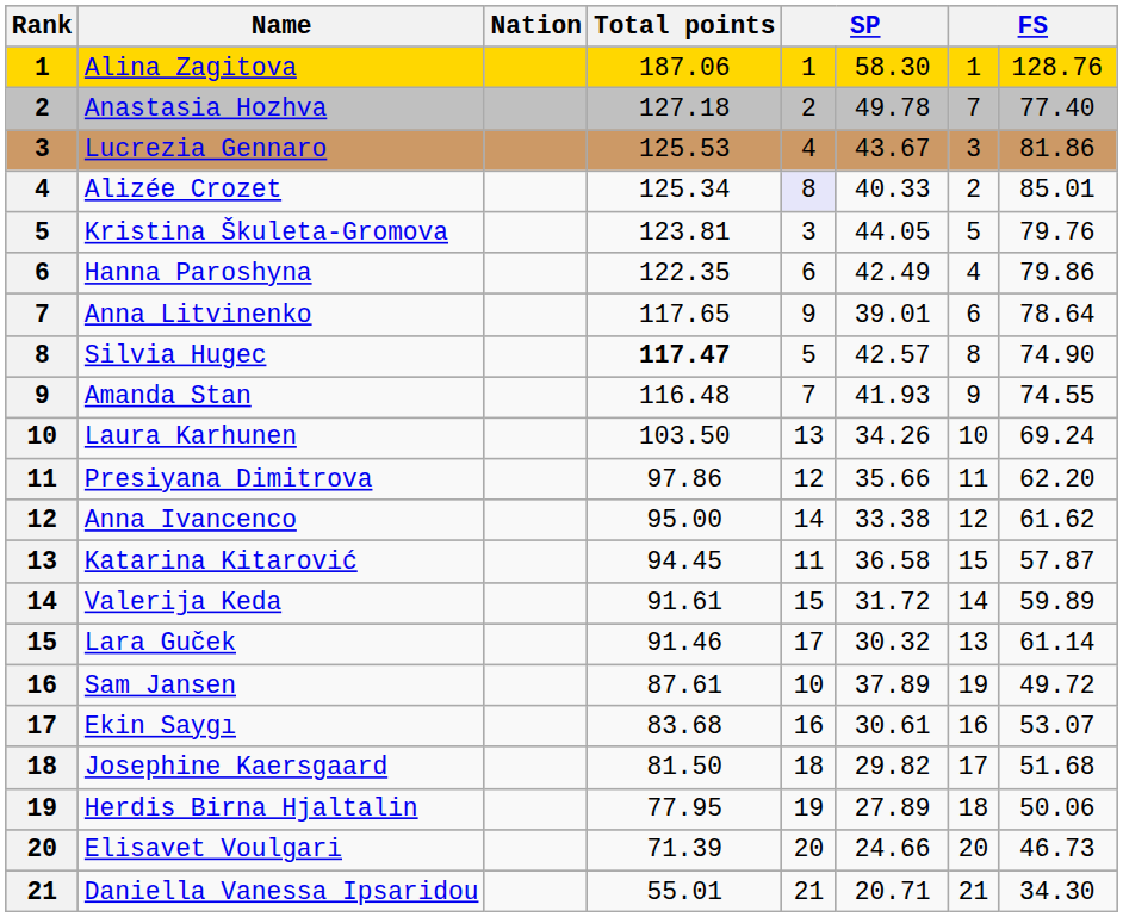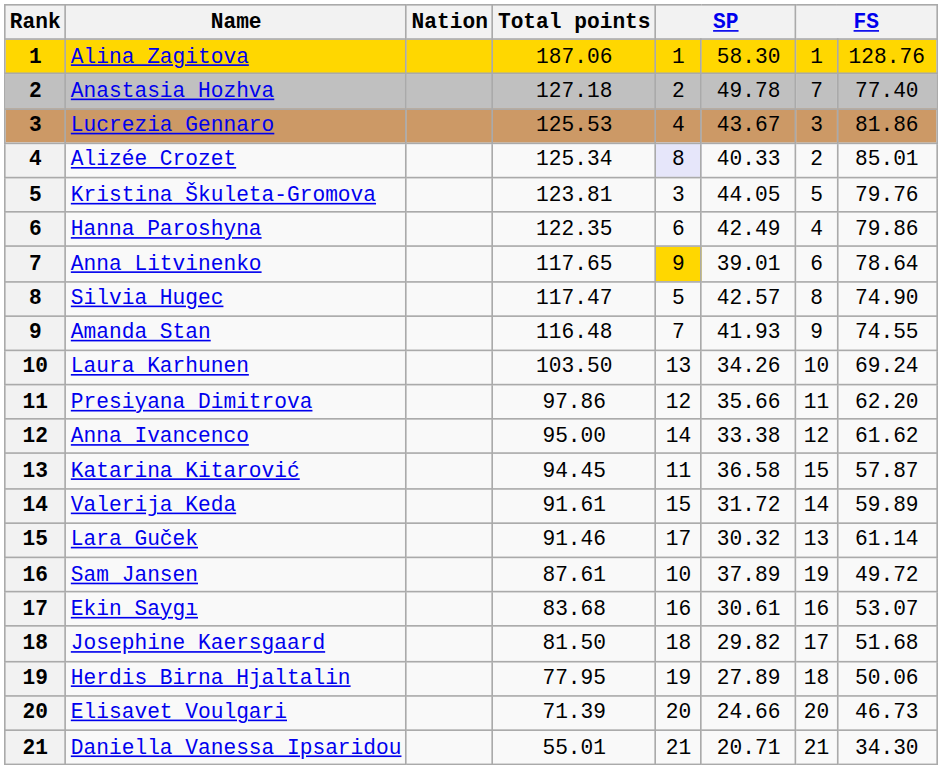 <table class="wikitable sortable">
 <tr>
 <th>Rank</th>
 <th>Name</th>
 <th>Nation</th>
 <th>Total points</th>
 <th colspan="2" width="80px"><a href='#'>SP</a></th>
 <th colspan="2" width="80px"><a href='#'>FS</a></th>
 </tr>
 <tr bgcolor="gold">
 <td align="center"><strong>1</strong></td>
 <td><a href='#'>Alina Zagitova</a></td>
 <td></td>
 <td align="center">187.06</td>
 <td align="center">1</td>
 <td align="center">58.30</td>
 <td align="center">1</td>
 <td align="center">128.76</td>
 </tr>
 <tr bgcolor="silver">
 <td align="center"><strong>2</strong></td>
 <td><a href='#'>Anastasia Hozhva</a></td>
 <td></td>
 <td align="center">127.18</td>
 <td align="center">2</td>
 <td align="center">49.78</td>
 <td align="center">7</td>
 <td align="center">77.40</td>
 </tr>
 <tr bgcolor="cc9966">
 <td align="center"><strong>3</strong></td>
 <td><a href='#'>Lucrezia Gennaro</a></td>
 <td></td>
 <td align="center">125.53</td>
 <td align="center">4</td>
 <td align="center">43.67</td>
 <td align="center">3</td>
 <td align="center">81.86</td>
 </tr>
 <tr>
 <th>4</th>
 <td><a href='#'>Alizée Crozet</a></td>
 <td></td>
 <td align="center">125.34</td>
 <td align="center" style="background: lavender;">8</td>
 <td align="center">40.33</td>
 <td align="center">2</td>
 <td align="center">85.01</td>
 </tr>
 <tr>
 <th>5</th>
 <td><a href='#'>Kristina Škuleta-Gromova</a></td>
 <td></td>
 <td align="center">123.81</td>
 <td align="center">3</td>
 <td align="center">44.05</td>
 <td align="center">5</td>
 <td align="center">79.76</td>
 </tr>
 <tr>
 <th>6</th>
 <td><a href='#'>Hanna Paroshyna</a></td>
 <td></td>
 <td align="center">122.35</td>
 <td align="center">6</td>
 <td align="center">42.49</td>
 <td align="center">4</td>
 <td align="center">79.86</td>
 </tr>
 <tr>
 <th>7</th>
 <td><a href='#'>Anna Litvinenko</a></td>
 <td></td>
 <td align="center">117.65</td>
-<td align="center">9</td>
+<td align="center" style="background: gold;">9</td>
 <td align="center">39.01</td>
 <td align="center">6</td>
 <td align="center">78.64</td>
 </tr>
 <tr>
 <th>8</th>
 <td><a href='#'>Silvia Hugec</a></td>
 <td></td>
-<td align="center"><strong>117.47</strong></td>
+<td align="center">117.47</td>
 <td align="center">5</td>
 <td align="center">42.57</td>
 <td align="center">8</td>
 <td align="center">74.90</td>
 </tr>
 <tr>
 <th>9</th>
 <td><a href='#'>Amanda Stan</a></td>
 <td></td>
 <td align="center">116.48</td>
 <td align="center">7</td>
 <td align="center">41.93</td>
 <td align="center">9</td>
 <td align="center">74.55</td>
 </tr>
 <tr>
 <th>10</th>
 <td><a href='#'>Laura Karhunen</a></td>
 <td></td>
 <td align="center">103.50</td>
 <td align="center">13</td>
 <td align="center">34.26</td>
 <td align="center">10</td>
 <td align="center">69.24</td>
 </tr>
 <tr>
 <th>11</th>
 <td><a href='#'>Presiyana Dimitrova</a></td>
 <td></td>
 <td align="center">97.86</td>
 <td align="center">12</td>
 <td align="center">35.66</td>
 <td align="center">11</td>
 <td align="center">62.20</td>
 </tr>
 <tr>
 <th>12</th>
 <td><a href='#'>Anna Ivancenco</a></td>
 <td></td>
 <td align="center">95.00</td>
 <td align="center">14</td>
 <td align="center">33.38</td>
 <td align="center">12</td>
 <td align="center">61.62</td>
 </tr>
 <tr>
 <th>13</th>
 <td><a href='#'>Katarina Kitarović</a></td>
 <td></td>
 <td align="center">94.45</td>
 <td align="center">11</td>
 <td align="center">36.58</td>
 <td align="center">15</td>
 <td align="center">57.87</td>
 </tr>
 <tr>
 <th>14</th>
 <td><a href='#'>Valerija Keda</a></td>
 <td></td>
 <td align="center">91.61</td>
 <td align="center">15</td>
 <td align="center">31.72</td>
 <td align="center">14</td>
 <td align="center">59.89</td>
 </tr>
 <tr>
 <th>15</th>
 <td><a href='#'>Lara Guček</a></td>
 <td></td>
 <td align="center">91.46</td>
 <td align="center">17</td>
 <td align="center">30.32</td>
 <td align="center">13</td>
 <td align="center">61.14</td>
 </tr>
 <tr>
 <th>16</th>
 <td><a href='#'>Sam Jansen</a></td>
 <td></td>
 <td align="center">87.61</td>
 <td align="center">10</td>
 <td align="center">37.89</td>
 <td align="center">19</td>
 <td align="center">49.72</td>
 </tr>
 <tr>
 <th>17</th>
 <td><a href='#'>Ekin Saygı</a></td>
 <td></td>
 <td align="center">83.68</td>
 <td align="center">16</td>
 <td align="center">30.61</td>
 <td align="center">16</td>
 <td align="center">53.07</td>
 </tr>
 <tr>
 <th>18</th>
 <td><a href='#'>Josephine Kaersgaard</a></td>
 <td></td>
 <td align="center">81.50</td>
 <td align="center">18</td>
 <td align="center">29.82</td>
 <td align="center">17</td>
 <td align="center">51.68</td>
 </tr>
 <tr>
 <th>19</th>
 <td><a href='#'>Herdis Birna Hjaltalin</a></td>
 <td></td>
 <td align="center">77.95</td>
 <td align="center">19</td>
 <td align="center">27.89</td>
 <td align="center">18</td>
 <td align="center">50.06</td>
 </tr>
 <tr>
 <th>20</th>
 <td><a href='#'>Elisavet Voulgari</a></td>
 <td></td>
 <td align="center">71.39</td>
 <td align="center">20</td>
 <td align="center">24.66</td>
 <td align="center">20</td>
 <td align="center">46.73</td>
 </tr>
 <tr>
 <th>21</th>
 <td><a href='#'>Daniella Vanessa Ipsaridou</a></td>
 <td></td>
 <td align="center">55.01</td>
 <td align="center">21</td>
 <td align="center">20.71</td>
 <td align="center">21</td>
 <td align="center">34.30</td>
 </tr>
 </table>
